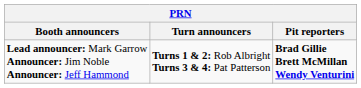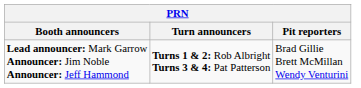 <table class="wikitable" style="font-size: 95%">
 <tr>
 <th colspan="3"><a href='#'>PRN</a></th>
 </tr>
 <tr>
 <th>Booth announcers</th>
 <th>Turn announcers</th>
 <th>Pit reporters</th>
 </tr>
 <tr>
 <td><strong>Lead announcer:</strong> Mark Garrow<br><strong>Announcer:</strong> Jim Noble<br><strong>Announcer:</strong> <a href='#'>Jeff Hammond</a></td>
 <td><strong>Turns 1 & 2:</strong> Rob Albright<br><strong>Turns 3 & 4:</strong> Pat Patterson</td>
-<td><strong>Brad Gillie<br>Brett McMillan<br><a href='#'>Wendy Venturini</a></strong></td>
+<td>Brad Gillie<br>Brett McMillan<br><a href='#'>Wendy Venturini</a></td>
 </tr>
 </table>
